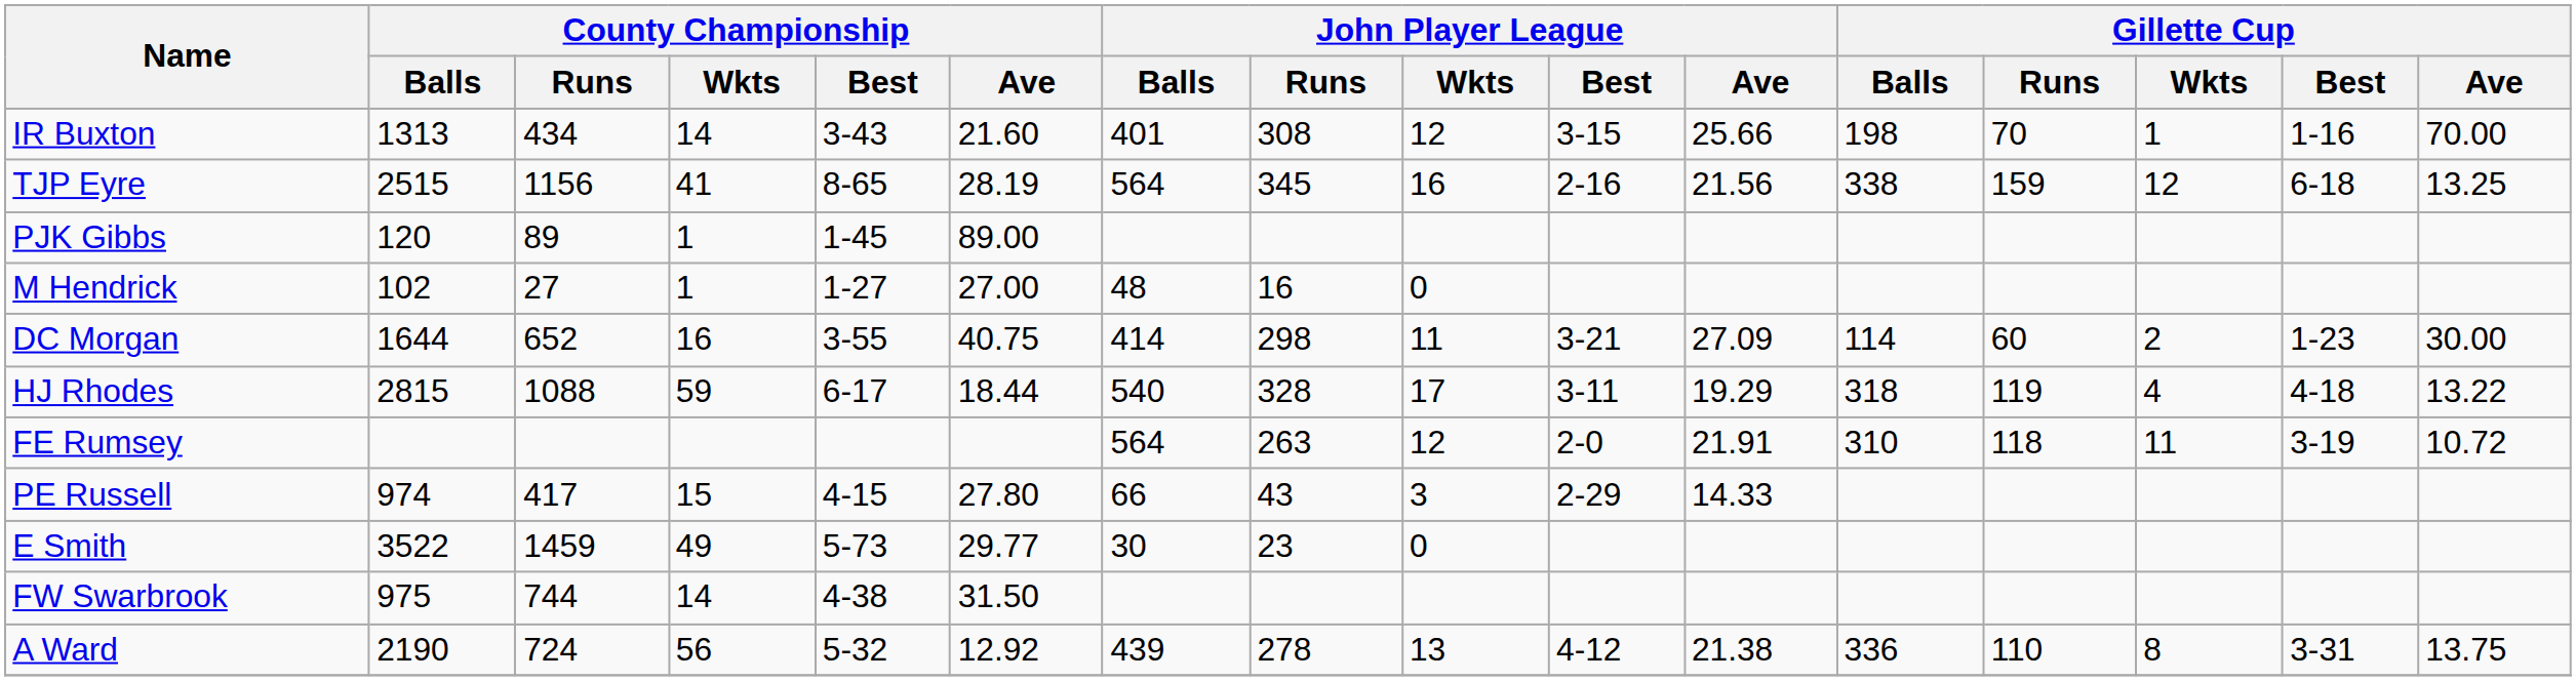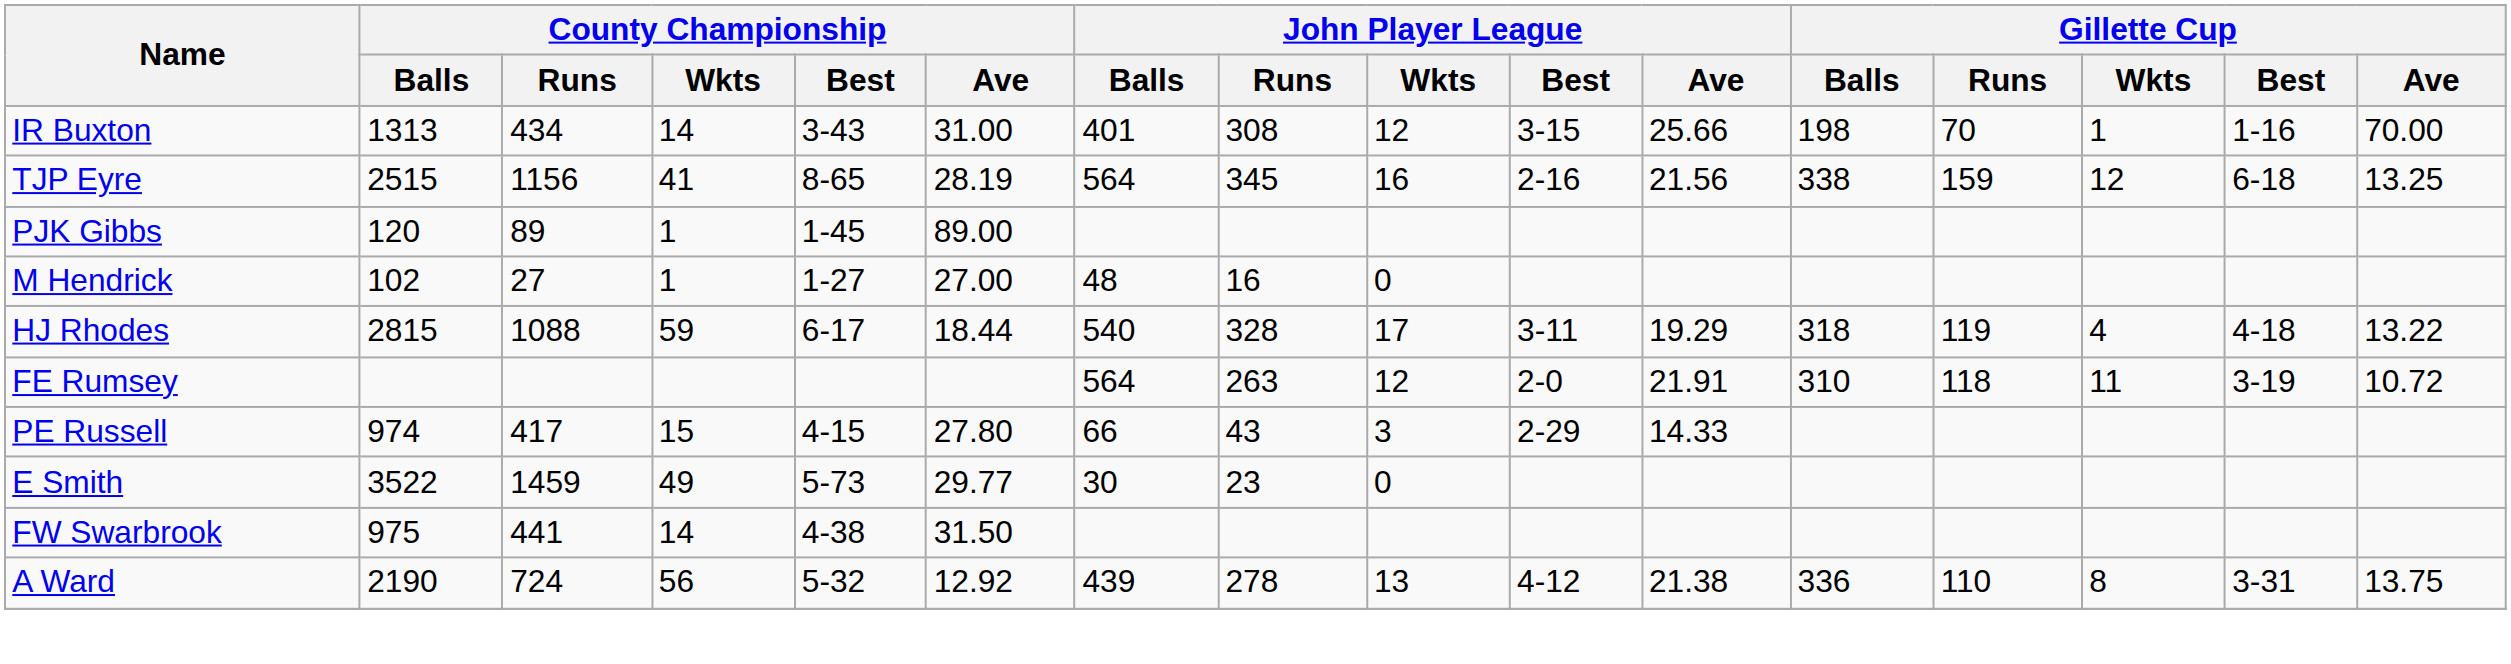 <table class="wikitable" width="100%">
 <tr bgcolor="#efefef">
 <th rowspan=2>Name</th>
 <th colspan=5><a href='#'>County Championship</a></th>
 <th colspan=5><a href='#'>John Player League</a></th>
 <th colspan=5><a href='#'>Gillette Cup</a></th>
 </tr>
 <tr>
 <th>Balls</th>
 <th>Runs</th>
 <th>Wkts</th>
 <th>Best</th>
 <th>Ave</th>
 <th>Balls</th>
 <th>Runs</th>
 <th>Wkts</th>
 <th>Best</th>
 <th>Ave</th>
 <th>Balls</th>
 <th>Runs</th>
 <th>Wkts</th>
 <th>Best</th>
 <th>Ave</th>
 </tr>
 <tr>
 <td><a href='#'>IR Buxton</a></td>
 <td>1313</td>
 <td>434</td>
 <td>14</td>
 <td>3-43</td>
-<td>21.60</td>
+<td>31.00</td>
 <td>401</td>
 <td>308</td>
 <td>12</td>
 <td>3-15</td>
 <td>25.66</td>
 <td>198</td>
 <td>70</td>
 <td>1</td>
 <td>1-16</td>
 <td>70.00</td>
 </tr>
 <tr>
 <td><a href='#'>TJP Eyre</a></td>
 <td>2515</td>
 <td>1156</td>
 <td>41</td>
 <td>8-65</td>
 <td>28.19</td>
 <td>564</td>
 <td>345</td>
 <td>16</td>
 <td>2-16</td>
 <td>21.56</td>
 <td>338</td>
 <td>159</td>
 <td>12</td>
 <td>6-18</td>
 <td>13.25</td>
 </tr>
 <tr>
 <td><a href='#'>PJK Gibbs</a></td>
 <td>120</td>
 <td>89</td>
 <td>1</td>
 <td>1-45</td>
 <td>89.00</td>
 <td></td>
 <td></td>
 <td></td>
 <td></td>
 <td></td>
 <td></td>
 <td></td>
 <td></td>
 <td></td>
 <td></td>
 </tr>
 <tr>
 <td><a href='#'>M Hendrick</a></td>
 <td>102</td>
 <td>27</td>
 <td>1</td>
 <td>1-27</td>
 <td>27.00</td>
 <td>48</td>
 <td>16</td>
 <td>0</td>
 <td></td>
 <td></td>
 <td></td>
 <td></td>
 <td></td>
 <td></td>
 <td></td>
-</tr>
-<tr>
-<td><a href='#'>DC Morgan</a></td>
-<td>1644</td>
-<td>652</td>
-<td>16</td>
-<td>3-55</td>
-<td>40.75</td>
-<td>414</td>
-<td>298</td>
-<td>11</td>
-<td>3-21</td>
-<td>27.09</td>
-<td>114</td>
-<td>60</td>
-<td>2</td>
-<td>1-23</td>
-<td>30.00</td>
 </tr>
 <tr>
 <td><a href='#'>HJ Rhodes</a></td>
 <td>2815</td>
 <td>1088</td>
 <td>59</td>
 <td>6-17</td>
 <td>18.44</td>
 <td>540</td>
 <td>328</td>
 <td>17</td>
 <td>3-11</td>
 <td>19.29</td>
 <td>318</td>
 <td>119</td>
 <td>4</td>
 <td>4-18</td>
 <td>13.22</td>
 </tr>
 <tr>
 <td><a href='#'>FE Rumsey</a></td>
 <td></td>
 <td></td>
 <td></td>
 <td></td>
 <td></td>
 <td>564</td>
 <td>263</td>
 <td>12</td>
 <td>2-0</td>
 <td>21.91</td>
 <td>310</td>
 <td>118</td>
 <td>11</td>
 <td>3-19</td>
 <td>10.72</td>
 </tr>
 <tr>
 <td><a href='#'>PE Russell</a></td>
 <td>974</td>
 <td>417</td>
 <td>15</td>
 <td>4-15</td>
 <td>27.80</td>
 <td>66</td>
 <td>43</td>
 <td>3</td>
 <td>2-29</td>
 <td>14.33</td>
 <td></td>
 <td></td>
 <td></td>
 <td></td>
 <td></td>
 </tr>
 <tr>
 <td><a href='#'>E Smith</a></td>
 <td>3522</td>
 <td>1459</td>
 <td>49</td>
 <td>5-73</td>
 <td>29.77</td>
 <td>30</td>
 <td>23</td>
 <td>0</td>
 <td></td>
 <td></td>
 <td></td>
 <td></td>
 <td></td>
 <td></td>
 <td></td>
 </tr>
 <tr>
 <td><a href='#'>FW Swarbrook</a></td>
 <td>975</td>
-<td>744</td>
+<td>441</td>
 <td>14</td>
 <td>4-38</td>
 <td>31.50</td>
 <td></td>
 <td></td>
 <td></td>
 <td></td>
 <td></td>
 <td></td>
 <td></td>
 <td></td>
 <td></td>
 <td></td>
 </tr>
 <tr>
 <td><a href='#'>A Ward</a></td>
 <td>2190</td>
 <td>724</td>
 <td>56</td>
 <td>5-32</td>
 <td>12.92</td>
 <td>439</td>
 <td>278</td>
 <td>13</td>
 <td>4-12</td>
 <td>21.38</td>
 <td>336</td>
 <td>110</td>
 <td>8</td>
 <td>3-31</td>
 <td>13.75<br> </td>
 </tr>
 <tr>
 </tr>
 </table>
